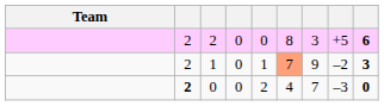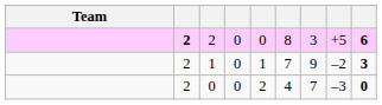 <table class="wikitable" style="text-align: center;">
 <tr>
 <th style="width:175px;">Team</th>
 <th width="20"></th>
 <th width="20"></th>
 <th width="20"></th>
 <th width="20"></th>
 <th width="20"></th>
 <th width="20"></th>
 <th width="20"></th>
 <th width="20"></th>
 </tr>
 <tr style="background:#fcf;">
 <td align=left></td>
-<td>2</td>
+<td><strong>2</strong></td>
 <td>2</td>
 <td>0</td>
 <td>0</td>
 <td>8</td>
 <td>3</td>
 <td>+5</td>
 <td><strong>6</strong></td>
 </tr>
 <tr>
 <td align=left></td>
 <td>2</td>
 <td>1</td>
 <td>0</td>
 <td>1</td>
-<td style="background: lightsalmon;">7</td>
+<td>7</td>
 <td>9</td>
 <td>–2</td>
 <td><strong>3</strong></td>
 </tr>
 <tr>
 <td align=left></td>
-<td><strong>2</strong></td>
+<td>2</td>
 <td>0</td>
 <td>0</td>
 <td>2</td>
 <td>4</td>
 <td>7</td>
 <td>–3</td>
 <td><strong>0</strong></td>
 </tr>
 </table>
